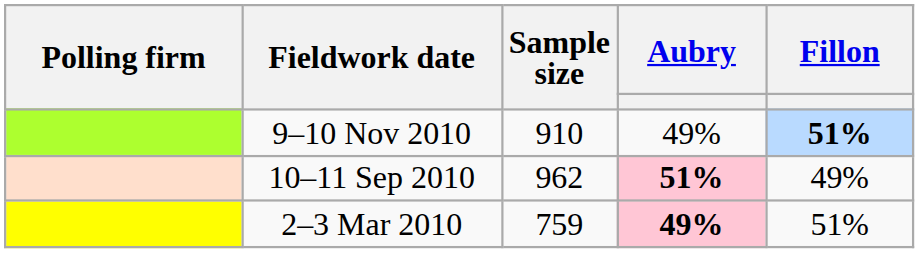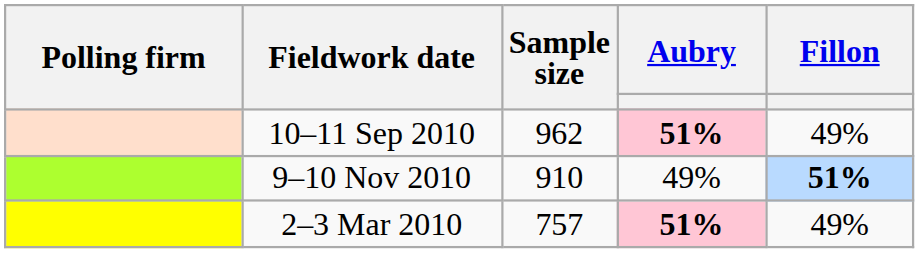 <table class="wikitable sortable" style="text-align:center;font-size:90%;line-height:14px;">
 <tr style="height:40px;">
 <th style="width:100px;" rowspan="2">Polling firm</th>
 <th style="width:110px;" rowspan="2">Fieldwork date</th>
 <th style="width:35px;" rowspan="2">Sample<br>size</th>
 <th class="unsortable" style="width:60px;"><a href='#'>Aubry</a><br></th>
 <th class="unsortable" style="width:60px;"><a href='#'>Fillon</a><br></th>
 </tr>
 <tr>
 <th style="background:"></th>
 <th style="background:"></th>
 </tr>
 <tr>
+<td style="background:#FFDFCC;"> </td>
+<td data-sort-value="2010-09-11">10–11 Sep 2010</td>
+<td>962</td>
+<td style="background:#FFC6D5;"><strong>51%</strong></td>
+<td>49%</td>
+</tr>
+<tr>
 <td style="background:GreenYellow;"> </td>
 <td data-sort-value="2010-11-10">9–10 Nov 2010</td>
 <td>910</td>
 <td>49%</td>
 <td style="background:#B9DAFF;"><strong>51%</strong></td>
 </tr>
 <tr>
-<td style="background:#FFDFCC;"> </td>
-<td data-sort-value="2010-09-11">10–11 Sep 2010</td>
-<td>962</td>
+<td style="background:yellow;"></td>
+<td data-sort-value="2010-03-03">2–3 Mar 2010</td>
+<td>757</td>
 <td style="background:#FFC6D5;"><strong>51%</strong></td>
 <td>49%</td>
 </tr>
-<tr>
-<td style="background:yellow;"></td>
-<td data-sort-value="2010-03-03">2–3 Mar 2010</td>
-<td>759</td>
-<td style="background:#FFC6D5;"><strong>49%</strong></td>
-<td>51%</td>
-</tr>
 </table>
